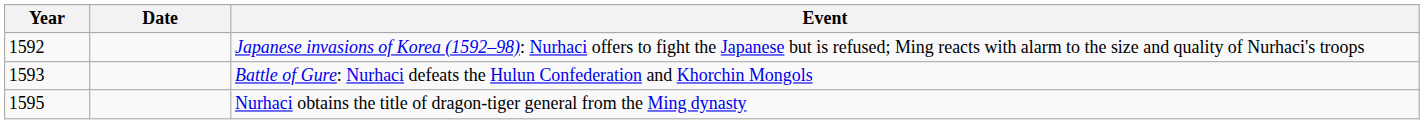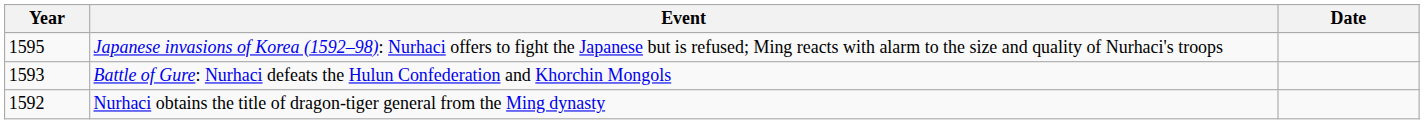 <table class="wikitable" width="100%">
 <tr>
 <th style="width:6%">Year</th>
+<th>Event</th>
 <th style="width:10%">Date</th>
-<th>Event</th>
+</tr>
+<tr>
+<td>1595</td>
+<td><em><a href='#'>Japanese invasions of Korea (1592–98)</a></em>: <a href='#'>Nurhaci</a> offers to fight the <a href='#'>Japanese</a> but is refused; Ming reacts with alarm to the size and quality of Nurhaci's troops</td>
+<td></td>
+</tr>
+<tr>
+<td>1593</td>
+<td><em><a href='#'>Battle of Gure</a></em>: <a href='#'>Nurhaci</a> defeats the <a href='#'>Hulun Confederation</a> and <a href='#'>Khorchin Mongols</a></td>
+<td></td>
 </tr>
 <tr>
 <td>1592</td>
+<td><a href='#'>Nurhaci</a> obtains the title of dragon-tiger general from the <a href='#'>Ming dynasty</a></td>
 <td></td>
-<td><em><a href='#'>Japanese invasions of Korea (1592–98)</a></em>: <a href='#'>Nurhaci</a> offers to fight the <a href='#'>Japanese</a> but is refused; Ming reacts with alarm to the size and quality of Nurhaci's troops</td>
-</tr>
-<tr>
-<td>1593</td>
-<td></td>
-<td><em><a href='#'>Battle of Gure</a></em>: <a href='#'>Nurhaci</a> defeats the <a href='#'>Hulun Confederation</a> and <a href='#'>Khorchin Mongols</a></td>
-</tr>
-<tr>
-<td>1595</td>
-<td></td>
-<td><a href='#'>Nurhaci</a> obtains the title of dragon-tiger general from the <a href='#'>Ming dynasty</a></td>
 </tr>
 </table>
